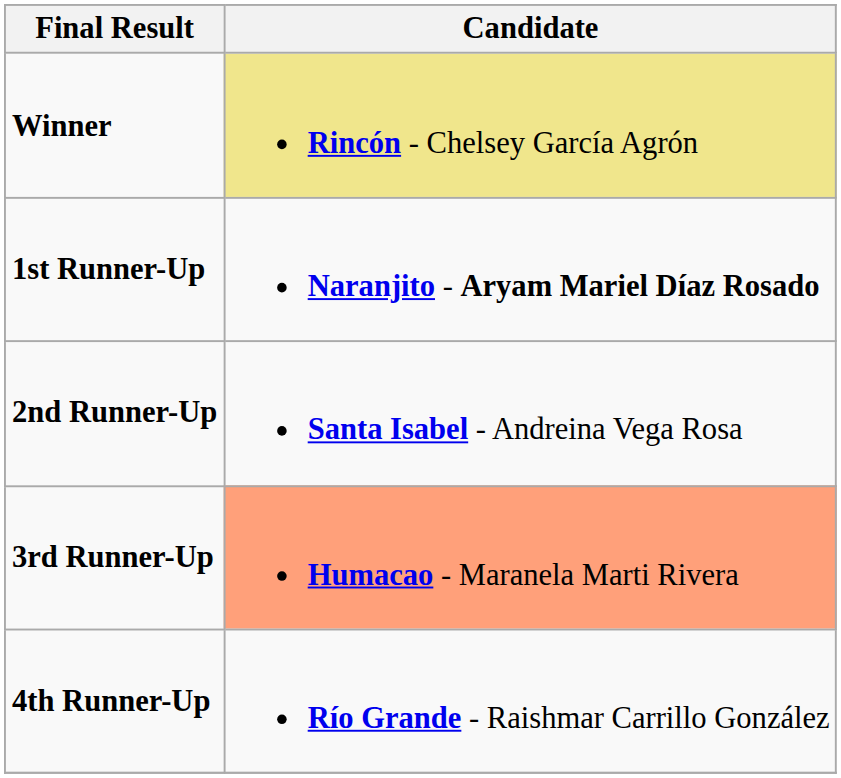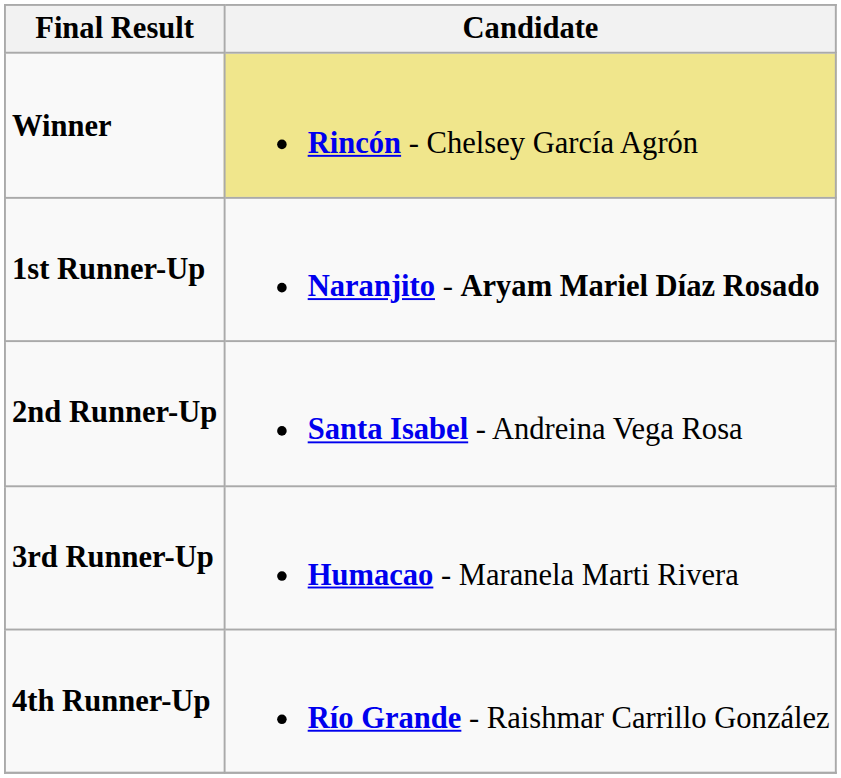 <table class="wikitable">
 <tr>
 <th>Final Result</th>
 <th>Candidate</th>
 </tr>
 <tr>
 <td><strong>Winner</strong></td>
 <td style="background: khaki;"><br><ul><li><strong> <a href='#'>Rincón</a></strong> - Chelsey García Agrón</li></ul></td>
 </tr>
 <tr>
 <td><strong>1st Runner-Up</strong></td>
 <td><br><ul><li><strong> <a href='#'>Naranjito</a></strong> - <strong>Aryam Mariel Díaz Rosado</strong></li></ul></td>
 </tr>
 <tr>
 <td><strong>2nd Runner-Up</strong></td>
 <td><br><ul><li><strong> <a href='#'>Santa Isabel</a></strong> - Andreina Vega Rosa</li></ul></td>
 </tr>
 <tr>
 <td><strong>3rd Runner-Up</strong></td>
-<td style="background: lightsalmon;"><br><ul><li><strong> <a href='#'>Humacao</a></strong> - Maranela Marti Rivera</li></ul></td>
+<td><br><ul><li><strong> <a href='#'>Humacao</a></strong> - Maranela Marti Rivera</li></ul></td>
 </tr>
 <tr>
 <td><strong>4th Runner-Up</strong></td>
 <td><br><ul><li><strong> <a href='#'>Río Grande</a></strong> - Raishmar Carrillo González</li></ul></td>
 </tr>
 <tr>
 </tr>
 </table>
